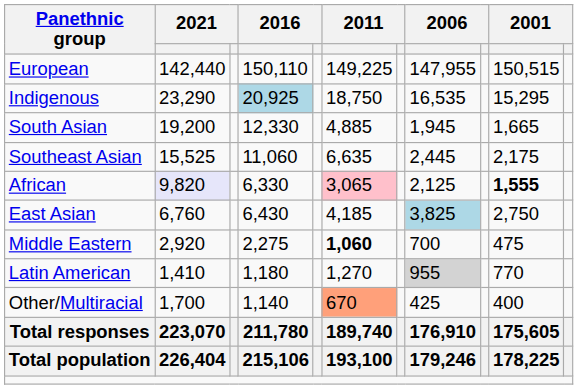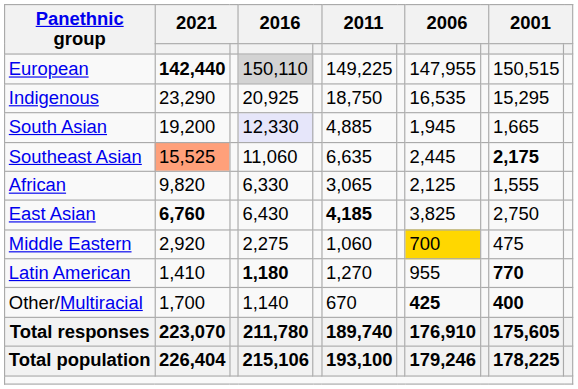 <table class="wikitable collapsible sortable">
 <tr>
 <th rowspan="2"><a href='#'>Panethnic</a><br>group</th>
 <th colspan="2">2021</th>
 <th colspan="2">2016</th>
 <th colspan="2">2011</th>
 <th colspan="2">2006</th>
 <th colspan="2">2001</th>
 </tr>
 <tr>
 <th><a href='#'></a></th>
 <th></th>
 <th></th>
 <th></th>
 <th></th>
 <th></th>
 <th></th>
 <th></th>
 <th></th>
 <th></th>
 </tr>
 <tr>
 <td><a href='#'>European</a></td>
-<td>142,440</td>
+<td><strong>142,440</strong></td>
 <td></td>
-<td>150,110</td>
+<td style="background: lightgrey;">150,110</td>
 <td></td>
 <td>149,225</td>
 <td></td>
 <td>147,955</td>
 <td></td>
 <td>150,515</td>
 <td></td>
 </tr>
 <tr>
 <td><a href='#'>Indigenous</a></td>
 <td>23,290</td>
 <td></td>
-<td style="background: lightblue;">20,925</td>
+<td>20,925</td>
 <td></td>
 <td>18,750</td>
 <td></td>
 <td>16,535</td>
 <td></td>
 <td>15,295</td>
 <td></td>
 </tr>
 <tr>
 <td><a href='#'>South Asian</a></td>
 <td>19,200</td>
 <td></td>
-<td>12,330</td>
+<td style="background: lavender;">12,330</td>
 <td></td>
 <td>4,885</td>
 <td></td>
 <td>1,945</td>
 <td></td>
 <td>1,665</td>
 <td></td>
 </tr>
 <tr>
 <td><a href='#'>Southeast Asian</a></td>
-<td>15,525</td>
+<td style="background: lightsalmon;">15,525</td>
 <td></td>
 <td>11,060</td>
 <td></td>
 <td>6,635</td>
 <td></td>
 <td>2,445</td>
 <td></td>
-<td>2,175</td>
+<td><strong>2,175</strong></td>
 <td></td>
 </tr>
 <tr>
 <td><a href='#'>African</a></td>
-<td style="background: lavender;">9,820</td>
+<td>9,820</td>
 <td></td>
 <td>6,330</td>
 <td></td>
-<td style="background: pink;">3,065</td>
+<td>3,065</td>
 <td></td>
 <td>2,125</td>
 <td></td>
-<td><strong>1,555</strong></td>
+<td>1,555</td>
 <td></td>
 </tr>
 <tr>
 <td><a href='#'>East Asian</a></td>
-<td>6,760</td>
+<td><strong>6,760</strong></td>
 <td></td>
 <td>6,430</td>
 <td></td>
-<td>4,185</td>
+<td><strong>4,185</strong></td>
 <td></td>
-<td style="background: lightblue;">3,825</td>
+<td>3,825</td>
 <td></td>
 <td>2,750</td>
 <td></td>
 </tr>
 <tr>
 <td><a href='#'>Middle Eastern</a></td>
 <td>2,920</td>
 <td></td>
 <td>2,275</td>
 <td></td>
-<td><strong>1,060</strong></td>
+<td>1,060</td>
 <td></td>
-<td>700</td>
+<td style="background: gold;">700</td>
 <td></td>
 <td>475</td>
 <td></td>
 </tr>
 <tr>
 <td><a href='#'>Latin American</a></td>
 <td>1,410</td>
 <td></td>
-<td>1,180</td>
+<td><strong>1,180</strong></td>
 <td></td>
 <td>1,270</td>
 <td></td>
-<td style="background: lightgrey;">955</td>
+<td>955</td>
 <td></td>
-<td>770</td>
+<td><strong>770</strong></td>
 <td></td>
 </tr>
 <tr>
 <td>Other/<a href='#'>Multiracial</a></td>
 <td>1,700</td>
 <td></td>
 <td>1,140</td>
 <td></td>
-<td style="background: lightsalmon;">670</td>
+<td>670</td>
 <td></td>
-<td>425</td>
+<td><strong>425</strong></td>
 <td></td>
-<td>400</td>
+<td><strong>400</strong></td>
 <td></td>
 </tr>
 <tr>
 <th>Total responses</th>
 <th>223,070</th>
 <th></th>
 <th>211,780</th>
 <th></th>
 <th>189,740</th>
 <th></th>
 <th>176,910</th>
 <th></th>
 <th>175,605</th>
 <th></th>
 </tr>
 <tr>
 <th>Total population</th>
 <th>226,404</th>
 <th></th>
 <th>215,106</th>
 <th></th>
 <th>193,100</th>
 <th></th>
 <th>179,246</th>
 <th></th>
 <th>178,225</th>
 <th></th>
 </tr>
 <tr class="sortbottom">
 <td colspan="15"></td>
 </tr>
 </table>
